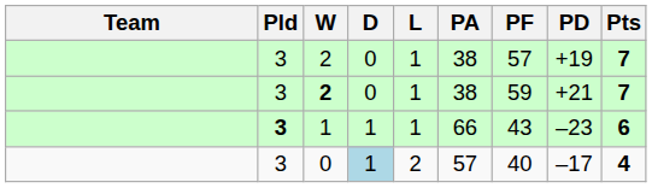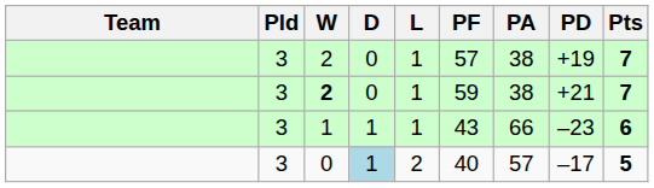 <table class="wikitable" style="text-align:center;">
 <tr>
 <th width=175>Team</th>
 <th width=25 abbr="Played">Pld</th>
 <th width=25 abbr="Won">W</th>
 <th width=25 abbr="Drawn">D</th>
 <th width=25 abbr="Lost">L</th>
+<th width=32 abbr="Points for">PF</th>
 <th width=32 abbr="Points against">PA</th>
-<th width=32 abbr="Points for">PF</th>
 <th width=32 abbr="Points difference">PD</th>
 <th width=25 abbr="Points">Pts</th>
 </tr>
 <tr bgcolor=ccffcc>
 <td align=left></td>
 <td>3</td>
 <td>2</td>
 <td>0</td>
 <td>1</td>
+<td>57</td>
 <td>38</td>
-<td>57</td>
 <td>+19</td>
 <td><strong>7</strong></td>
 </tr>
 <tr bgcolor=ccffcc>
 <td align=left></td>
 <td>3</td>
 <td><strong>2</strong></td>
 <td>0</td>
 <td>1</td>
+<td>59</td>
 <td>38</td>
-<td>59</td>
 <td>+21</td>
 <td><strong>7</strong></td>
 </tr>
 <tr bgcolor=ccffcc>
 <td align=left></td>
-<td><strong>3</strong></td>
+<td>3</td>
 <td>1</td>
 <td>1</td>
 <td>1</td>
+<td>43</td>
 <td>66</td>
-<td>43</td>
 <td>–23</td>
 <td><strong>6</strong></td>
 </tr>
 <tr>
 <td align=left></td>
 <td>3</td>
 <td>0</td>
 <td style="background: lightblue;">1</td>
 <td>2</td>
+<td>40</td>
 <td>57</td>
-<td>40</td>
 <td>–17</td>
-<td><strong>4</strong></td>
+<td><strong>5</strong></td>
 </tr>
 </table>
